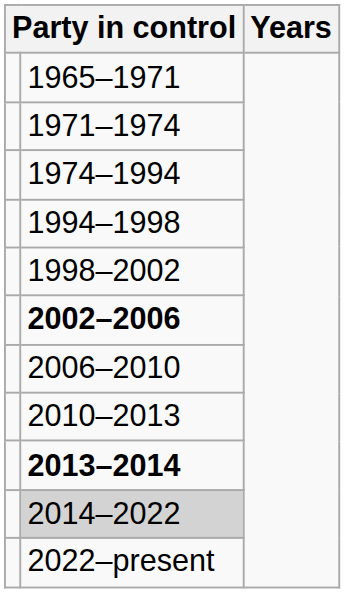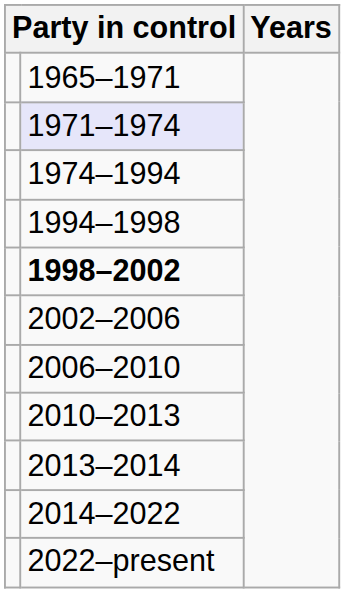 <table class="wikitable">
 <tr>
 <th colspan="2">Party in control</th>
 <th>Years</th>
 </tr>
 <tr>
 <td></td>
 <td>1965–1971</td>
 </tr>
 <tr>
 <td></td>
-<td>1971–1974</td>
+<td style="background: lavender;">1971–1974</td>
 </tr>
 <tr>
 <td></td>
 <td>1974–1994</td>
 </tr>
 <tr>
 <td></td>
 <td>1994–1998</td>
 </tr>
 <tr>
 <td></td>
-<td>1998–2002</td>
+<td><strong>1998–2002</strong></td>
 </tr>
 <tr>
 <td></td>
-<td><strong>2002–2006</strong></td>
+<td>2002–2006</td>
 </tr>
 <tr>
 <td></td>
 <td>2006–2010</td>
 </tr>
 <tr>
 <td></td>
 <td>2010–2013</td>
 </tr>
 <tr>
 <td></td>
-<td><strong>2013–2014</strong></td>
+<td>2013–2014</td>
 </tr>
 <tr>
 <td></td>
-<td style="background: lightgrey;">2014–2022</td>
+<td>2014–2022</td>
 </tr>
 <tr>
 <td></td>
 <td>2022–present</td>
 </tr>
 </table>
